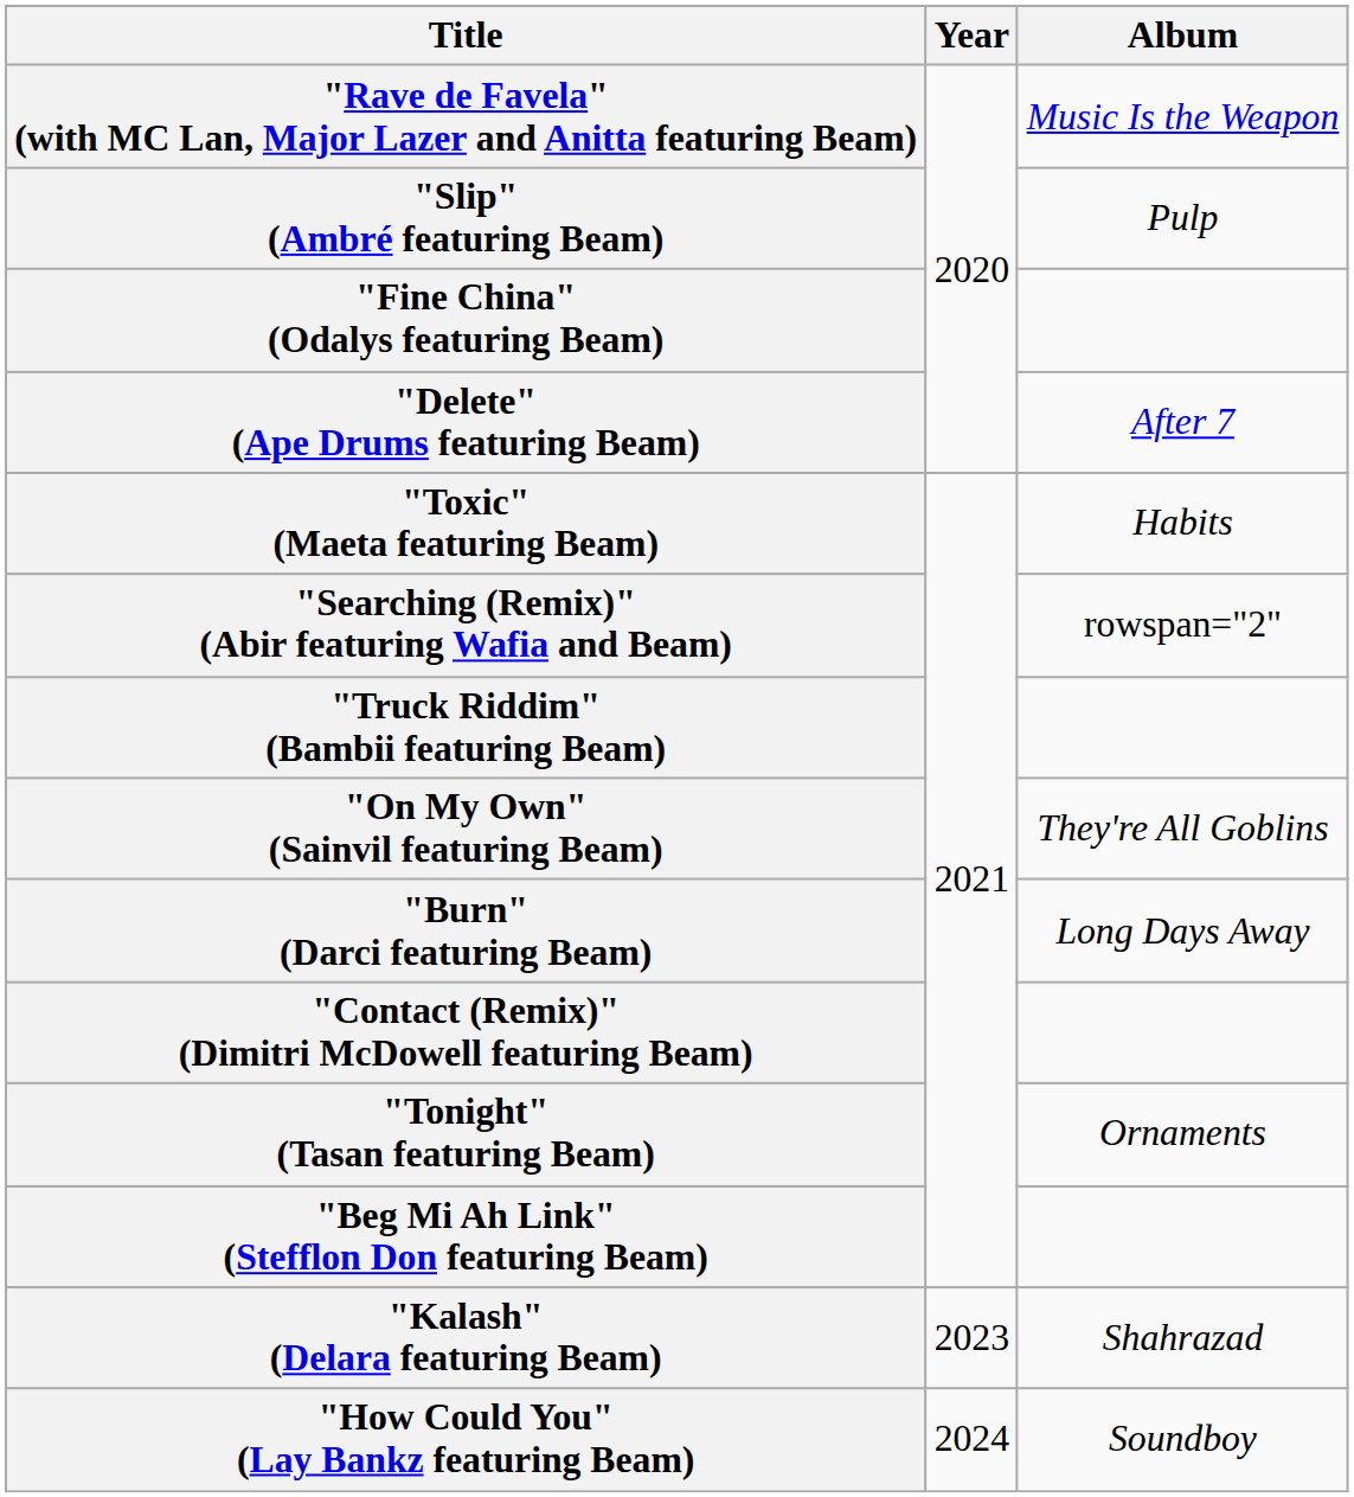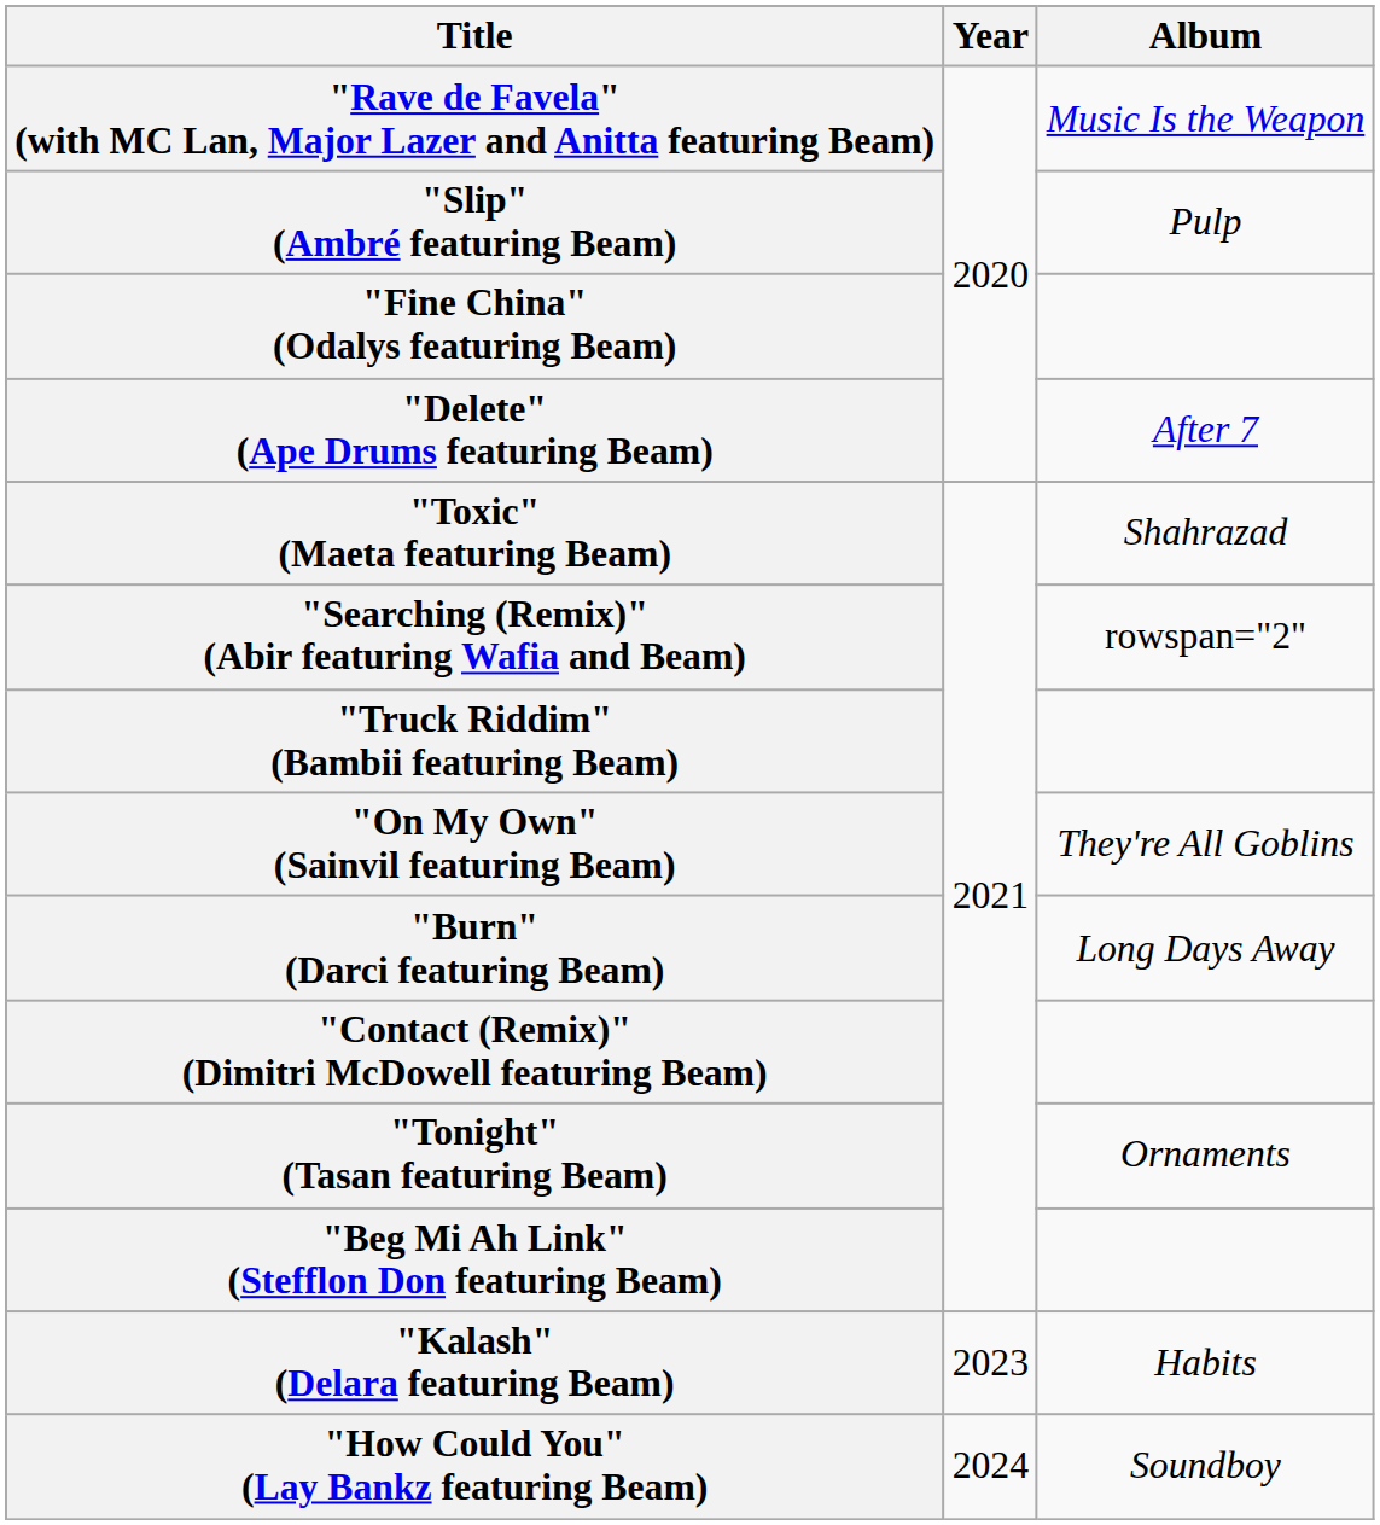 <table class="wikitable plainrowheaders" style="text-align:center;">
 <tr>
 <th scope="col">Title</th>
 <th scope="col">Year</th>
 <th scope="col">Album</th>
 </tr>
 <tr>
 <th scope="row">"<a href='#'>Rave de Favela</a>"<br><span>(with MC Lan, <a href='#'>Major Lazer</a> and <a href='#'>Anitta</a> featuring Beam)</span></th>
 <td rowspan="4">2020</td>
 <td><em><a href='#'>Music Is the Weapon</a></em></td>
 </tr>
 <tr>
 <th scope="row">"Slip"<br><span>(<a href='#'>Ambré</a> featuring Beam)</span></th>
 <td><em>Pulp</em></td>
 </tr>
 <tr>
 <th scope="row">"Fine China"<br><span>(Odalys featuring Beam)</span></th>
 <td></td>
 </tr>
 <tr>
 <th scope="row">"Delete"<br><span>(<a href='#'>Ape Drums</a> featuring Beam)</span></th>
 <td><em><a href='#'>After 7</a></em></td>
 </tr>
 <tr>
 <th scope="row">"Toxic"<br><span>(Maeta featuring Beam)</span></th>
 <td rowspan="8">2021</td>
-<td><em>Habits</em></td>
+<td><em>Shahrazad</em></td>
 </tr>
 <tr>
 <th scope="row">"Searching (Remix)"<br><span>(Abir featuring <a href='#'>Wafia</a> and Beam)</span></th>
 <td>rowspan="2" </td>
 </tr>
 <tr>
 <th scope="row">"Truck Riddim"<br><span>(Bambii featuring Beam)</span></th>
 </tr>
 <tr>
 <th scope="row">"On My Own"<br><span>(Sainvil featuring Beam)</span></th>
 <td><em>They're All Goblins</em></td>
 </tr>
 <tr>
 <th scope="row">"Burn"<br><span>(Darci featuring Beam)</span></th>
 <td><em>Long Days Away</em></td>
 </tr>
 <tr>
 <th scope="row">"Contact (Remix)"<br><span>(Dimitri McDowell featuring Beam)</span></th>
 <td></td>
 </tr>
 <tr>
 <th scope="row">"Tonight"<br><span>(Tasan featuring Beam)</span></th>
 <td><em>Ornaments</em></td>
 </tr>
 <tr>
 <th scope="row">"Beg Mi Ah Link"<br><span>(<a href='#'>Stefflon Don</a> featuring Beam)</span></th>
 <td></td>
 </tr>
 <tr>
 <th scope="row">"Kalash"<br><span>(<a href='#'>Delara</a> featuring Beam)</span></th>
 <td>2023</td>
-<td><em>Shahrazad</em></td>
+<td><em>Habits</em></td>
 </tr>
 <tr>
 <th scope="row">"How Could You"<br><span>(<a href='#'>Lay Bankz</a> featuring Beam)</span></th>
 <td>2024</td>
 <td><em>Soundboy</em></td>
 </tr>
 </table>
